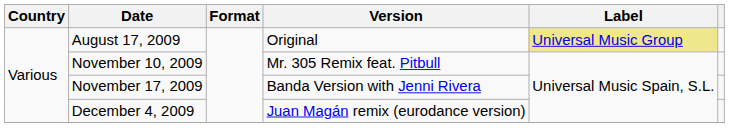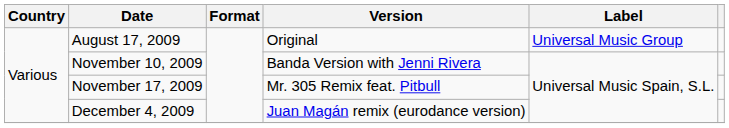 <table class="wikitable plainrowheaders" border="1">
 <tr>
 <th scope="col">Country</th>
 <th scope="col">Date</th>
 <th scope="col">Format</th>
 <th scope="col">Version</th>
 <th scope="col">Label</th>
 <th scope="col"></th>
 </tr>
 <tr>
 <td rowspan="4">Various</td>
 <td>August 17, 2009</td>
 <td rowspan="4"></td>
 <td>Original</td>
-<td style="background: khaki;"><a href='#'>Universal Music Group</a></td>
+<td><a href='#'>Universal Music Group</a></td>
 <td align="center"></td>
 </tr>
 <tr>
 <td>November 10, 2009</td>
-<td>Mr. 305 Remix feat. <a href='#'>Pitbull</a></td>
+<td>Banda Version with <a href='#'>Jenni Rivera</a></td>
 <td rowspan="3">Universal Music Spain, S.L.</td>
 <td align="center"></td>
 </tr>
 <tr>
 <td>November 17, 2009</td>
-<td>Banda Version with <a href='#'>Jenni Rivera</a></td>
+<td>Mr. 305 Remix feat. <a href='#'>Pitbull</a></td>
 <td align="center"></td>
 </tr>
 <tr>
 <td>December 4, 2009</td>
 <td><a href='#'>Juan Magán</a> remix (eurodance version)</td>
 <td align="center"></td>
 </tr>
 <tr>
 </tr>
 </table>
